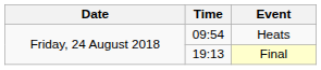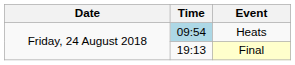 <table class = "wikitable" style="text-align:center;">
 <tr>
 <th width=220>Date</th>
 <th width=50>Time</th>
 <th width=100>Event</th>
 </tr>
 <tr>
 <td rowspan=2>Friday, 24 August 2018</td>
-<td>09:54</td>
+<td style="background: lightblue;">09:54</td>
 <td>Heats</td>
 </tr>
 <tr>
 <td>19:13</td>
 <td bgcolor=ffffcc>Final</td>
 </tr>
 </table>
